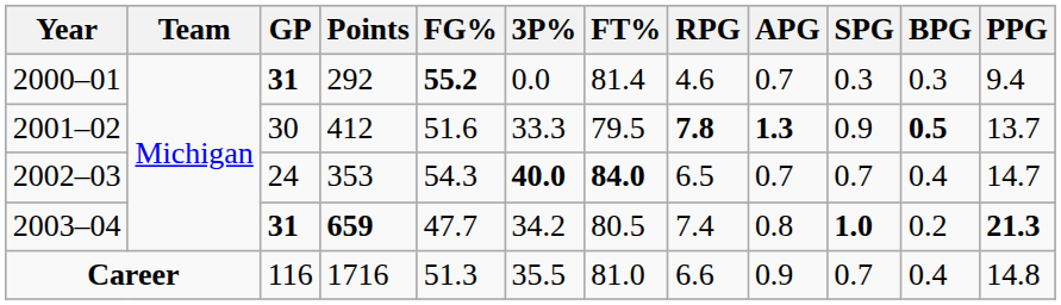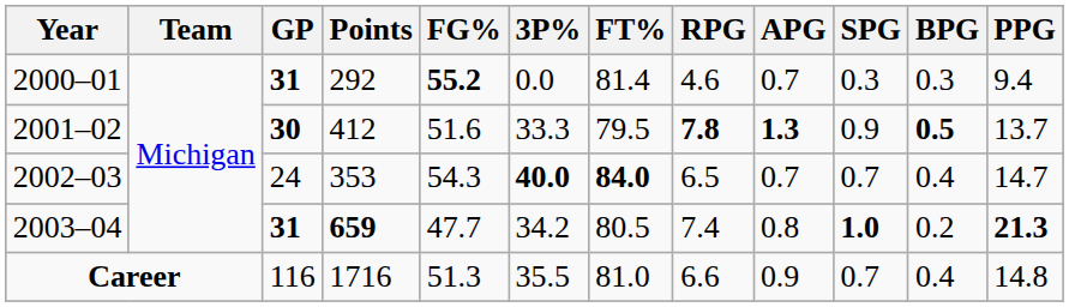 <table class="wikitable sortable">
 <tr>
 <th>Year</th>
 <th>Team</th>
 <th>GP</th>
 <th>Points</th>
 <th>FG%</th>
 <th>3P%</th>
 <th>FT%</th>
 <th>RPG</th>
 <th>APG</th>
 <th>SPG</th>
 <th>BPG</th>
 <th>PPG</th>
 </tr>
 <tr>
 <td>2000–01</td>
 <td rowspan=4><a href='#'>Michigan</a></td>
 <td><strong>31</strong></td>
 <td>292</td>
 <td><strong>55.2</strong></td>
 <td>0.0</td>
 <td>81.4</td>
 <td>4.6</td>
 <td>0.7</td>
 <td>0.3</td>
 <td>0.3</td>
 <td>9.4</td>
 </tr>
 <tr>
 <td>2001–02</td>
-<td>30</td>
+<td><strong>30</strong></td>
 <td>412</td>
 <td>51.6</td>
 <td>33.3</td>
 <td>79.5</td>
 <td><strong>7.8</strong></td>
 <td><strong>1.3</strong></td>
 <td>0.9</td>
 <td><strong>0.5</strong></td>
 <td>13.7</td>
 </tr>
 <tr>
 <td>2002–03</td>
 <td>24</td>
 <td>353</td>
 <td>54.3</td>
 <td><strong>40.0</strong></td>
 <td><strong>84.0</strong></td>
 <td>6.5</td>
 <td>0.7</td>
 <td>0.7</td>
 <td>0.4</td>
 <td>14.7</td>
 </tr>
 <tr>
 <td>2003–04</td>
 <td><strong>31</strong></td>
 <td><strong>659</strong></td>
 <td>47.7</td>
 <td>34.2</td>
 <td>80.5</td>
 <td>7.4</td>
 <td>0.8</td>
 <td><strong>1.0</strong></td>
 <td>0.2</td>
 <td><strong>21.3</strong></td>
 </tr>
 <tr>
 <td colspan=2 align=center><strong>Career</strong></td>
 <td>116</td>
 <td>1716</td>
 <td>51.3</td>
 <td>35.5</td>
 <td>81.0</td>
 <td>6.6</td>
 <td>0.9</td>
 <td>0.7</td>
 <td>0.4</td>
 <td>14.8</td>
 </tr>
 </table>
